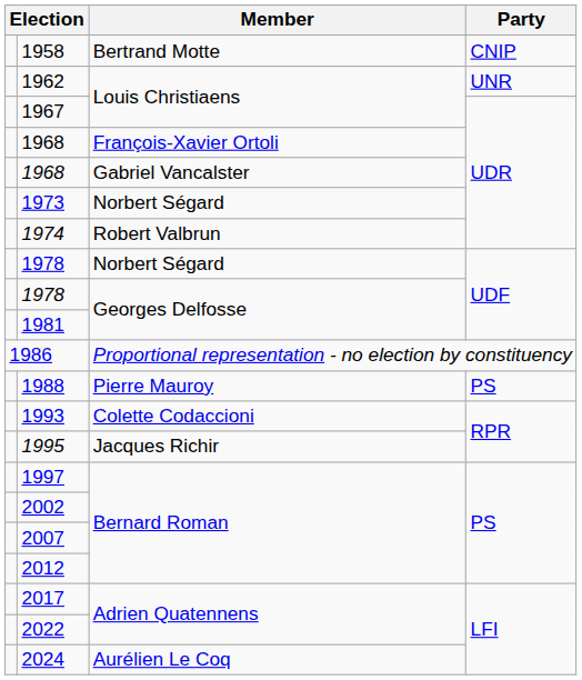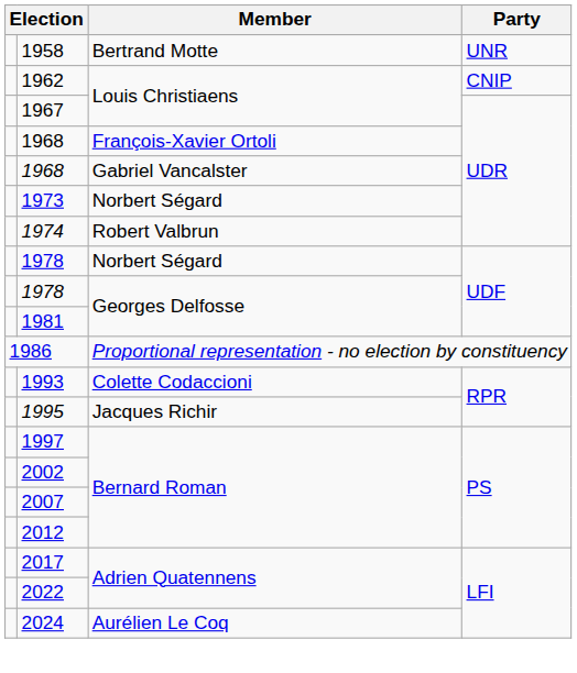 <table class="wikitable">
 <tr>
 <th colspan="2">Election</th>
 <th>Member</th>
 <th>Party</th>
 </tr>
 <tr>
 <td style="color:inherit;background-color: "></td>
 <td>1958</td>
 <td>Bertrand Motte</td>
-<td><a href='#'>CNIP</a></td>
+<td><a href='#'>UNR</a></td>
 </tr>
 <tr>
 <td style="color:inherit;background-color: "></td>
 <td>1962</td>
 <td rowspan="2">Louis Christiaens</td>
-<td><a href='#'>UNR</a></td>
+<td><a href='#'>CNIP</a></td>
 </tr>
 <tr>
 <td style="color:inherit;background-color: "></td>
 <td>1967</td>
 <td rowspan="5"><a href='#'>UDR</a></td>
 </tr>
 <tr>
 <td style="color:inherit;background-color: "></td>
 <td>1968</td>
 <td><a href='#'>François-Xavier Ortoli</a></td>
 </tr>
 <tr>
 <td style="color:inherit;background-color: "></td>
 <td><em>1968</em></td>
 <td>Gabriel Vancalster</td>
 </tr>
 <tr>
 <td style="color:inherit;background-color: "></td>
 <td><a href='#'>1973</a></td>
 <td>Norbert Ségard</td>
 </tr>
 <tr>
 <td style="color:inherit;background-color: "></td>
 <td><em>1974</em></td>
 <td>Robert Valbrun</td>
 </tr>
 <tr>
 <td style="color:inherit;background-color: "></td>
 <td><a href='#'>1978</a></td>
 <td>Norbert Ségard</td>
 <td rowspan="3"><a href='#'>UDF</a></td>
 </tr>
 <tr>
 <td style="color:inherit;background-color: "></td>
 <td><em>1978</em></td>
 <td rowspan="2">Georges Delfosse</td>
 </tr>
 <tr>
 <td style="color:inherit;background-color: "></td>
 <td><a href='#'>1981</a></td>
 </tr>
 <tr>
 <td colspan="2"><a href='#'>1986</a></td>
 <td colspan="2"><em><a href='#'>Proportional representation</a> - no election by constituency</em></td>
 </tr>
 <tr>
 <td style="color:inherit;background-color: "></td>
-<td><a href='#'>1988</a></td>
-<td><a href='#'>Pierre Mauroy</a></td>
-<td><a href='#'>PS</a></td>
-</tr>
-<tr>
-<td style="color:inherit;background-color: "></td>
 <td><a href='#'>1993</a></td>
 <td><a href='#'>Colette Codaccioni</a></td>
 <td rowspan="2"><a href='#'>RPR</a></td>
 </tr>
 <tr>
 <td style="color:inherit;background-color: "></td>
 <td><em>1995</em></td>
 <td>Jacques Richir</td>
 </tr>
 <tr>
 <td style="color:inherit;background-color: "></td>
 <td><a href='#'>1997</a></td>
 <td rowspan=4><a href='#'>Bernard Roman</a></td>
 <td rowspan=4><a href='#'>PS</a></td>
 </tr>
 <tr>
 <td style="color:inherit;background-color: "></td>
 <td><a href='#'>2002</a></td>
 </tr>
 <tr>
 <td style="color:inherit;background-color: "></td>
 <td><a href='#'>2007</a></td>
 </tr>
 <tr>
 <td style="color:inherit;background-color: "></td>
 <td><a href='#'>2012</a></td>
 </tr>
 <tr>
 <td style="color:inherit;background-color: "></td>
 <td><a href='#'>2017</a></td>
 <td rowspan="2"><a href='#'>Adrien Quatennens</a></td>
 <td rowspan="3"><a href='#'>LFI</a></td>
 </tr>
 <tr>
 <td style="color:inherit;background-color: "></td>
 <td><a href='#'>2022</a></td>
 </tr>
 <tr>
 <td style="color:inherit;background-color: "></td>
 <td><a href='#'>2024</a></td>
 <td><a href='#'>Aurélien Le Coq</a></td>
 </tr>
 </table>
